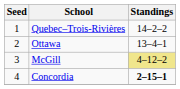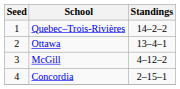 <table class="wikitable">
 <tr>
 <th>Seed</th>
 <th style="width:150px">School</th>
 <th>Standings</th>
 </tr>
 <tr>
 <td align=center>1</td>
 <td><a href='#'>Quebec–Trois-Rivières</a></td>
 <td align=center>14–2–2</td>
 </tr>
 <tr>
 <td align=center>2</td>
 <td><a href='#'>Ottawa</a></td>
 <td align=center>13–4–1</td>
 </tr>
 <tr>
 <td align=center>3</td>
 <td><a href='#'>McGill</a></td>
-<td align=center style="background: khaki;">4–12–2</td>
+<td align=center>4–12–2</td>
 </tr>
 <tr>
 <td align=center>4</td>
 <td><a href='#'>Concordia</a></td>
-<td align=center><strong>2–15–1</strong></td>
+<td align=center>2–15–1</td>
 </tr>
 <tr>
 </tr>
 </table>
